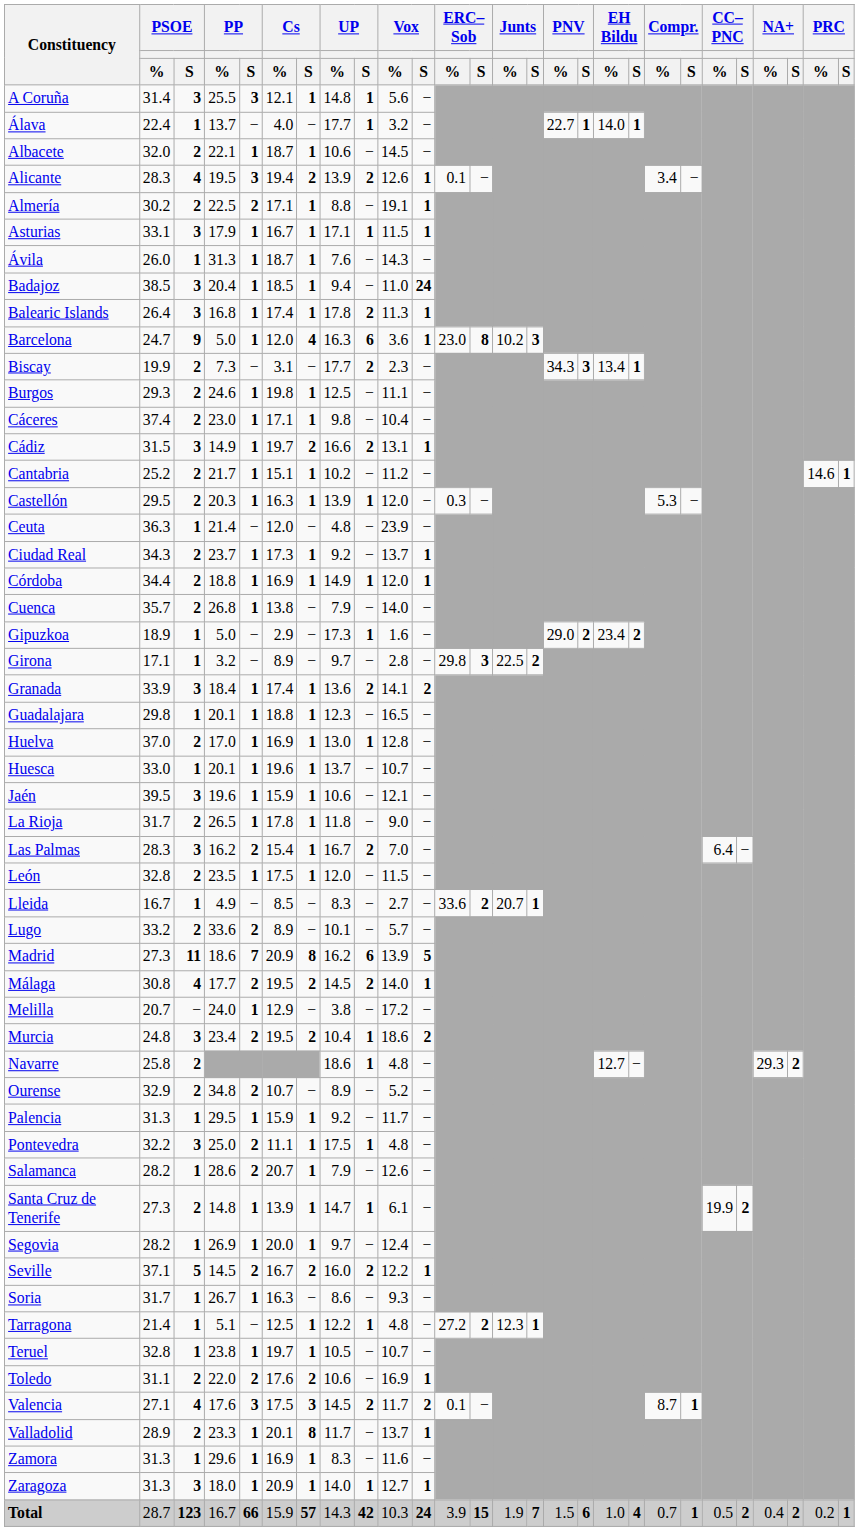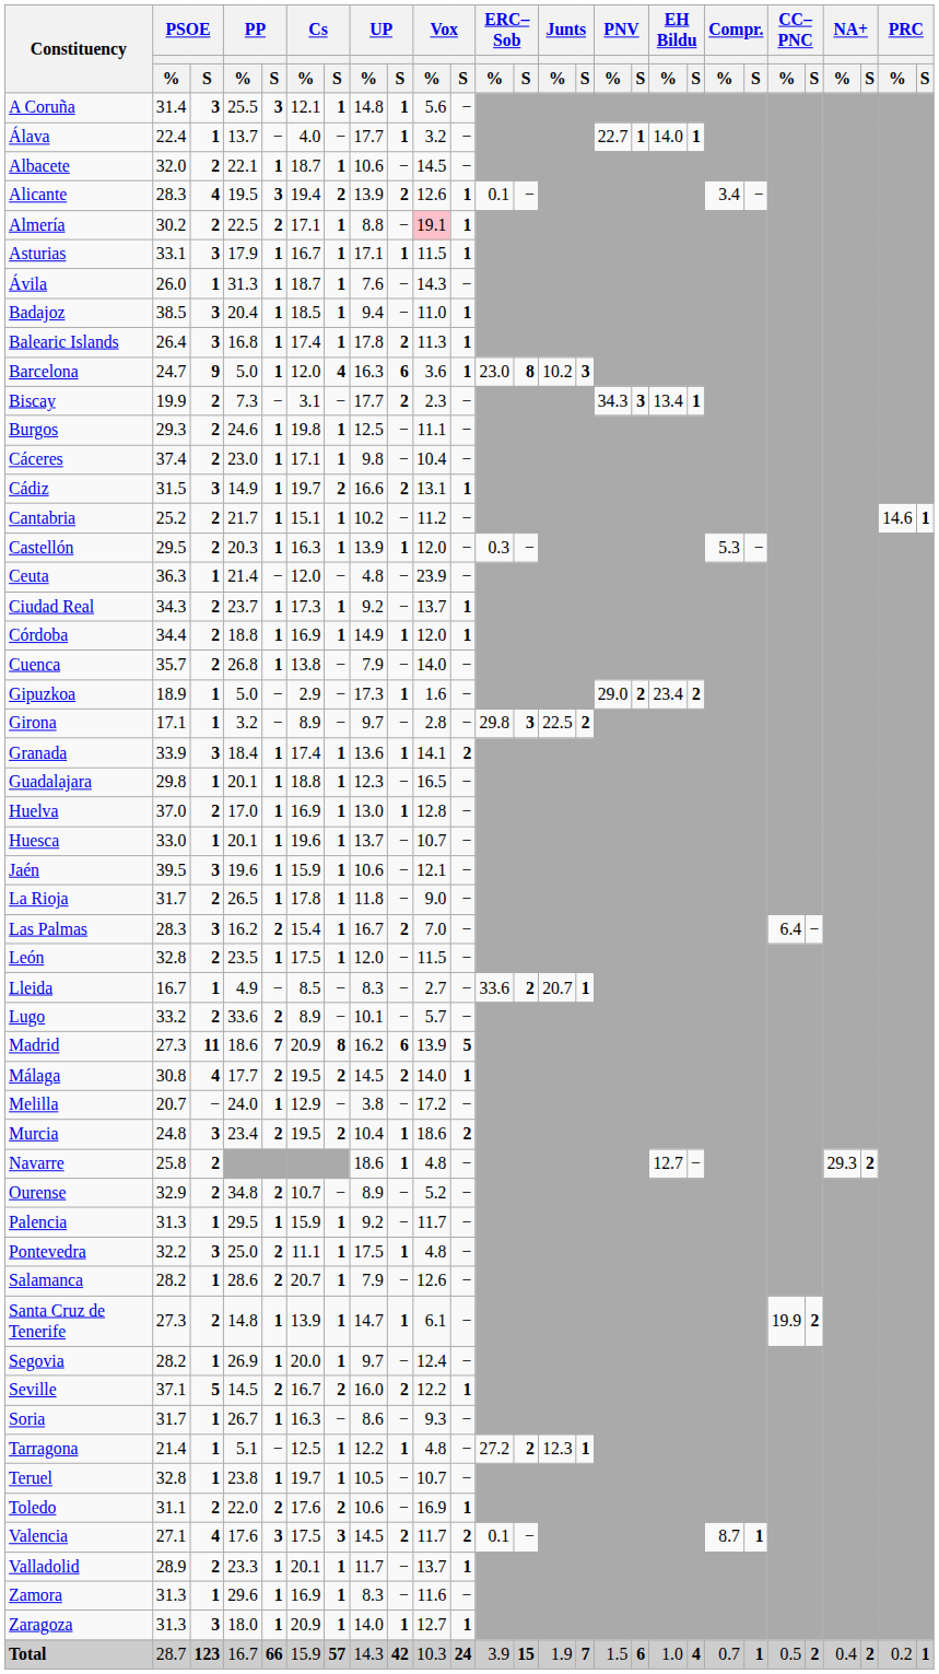 <table class="wikitable sortable" style="text-align:right; line-height:20px;">
 <tr>
 <th rowspan="3">Constituency</th>
 <th colspan="2" width="30px" class="unsortable"><a href='#'>PSOE</a></th>
 <th colspan="2" width="30px" class="unsortable"><a href='#'>PP</a></th>
 <th colspan="2" width="30px" class="unsortable"><a href='#'>Cs</a></th>
 <th colspan="2" width="30px" class="unsortable"><a href='#'>UP</a></th>
 <th colspan="2" width="30px" class="unsortable"><a href='#'>Vox</a></th>
 <th colspan="2" width="30px" class="unsortable"><a href='#'>ERC–Sob</a></th>
 <th colspan="2" width="30px" class="unsortable"><a href='#'>Junts</a></th>
 <th colspan="2" width="30px" class="unsortable"><a href='#'>PNV</a></th>
 <th colspan="2" width="30px" class="unsortable"><a href='#'>EH Bildu</a></th>
 <th colspan="2" width="30px" class="unsortable"><a href='#'>Compr.</a></th>
 <th colspan="2" width="30px" class="unsortable"><a href='#'>CC–PNC</a></th>
 <th colspan="2" width="30px" class="unsortable"><a href='#'>NA+</a></th>
 <th colspan="2" width="30px" class="unsortable"><a href='#'>PRC</a></th>
 </tr>
 <tr>
 <th colspan="2" style="background:"></th>
 <th colspan="2" style="background:"></th>
 <th colspan="2" style="background:"></th>
 <th colspan="2" style="background:"></th>
 <th colspan="2" style="background:"></th>
 <th colspan="2" style="background:"></th>
 <th colspan="2" style="background:"></th>
 <th colspan="2" style="background:"></th>
 <th colspan="2" style="background:"></th>
 <th colspan="2" style="background:"></th>
 <th colspan="2" style="background:"></th>
 <th colspan="2" style="background:"></th>
 <th colspan="2" style="background:"></th>
 </tr>
 <tr>
 <th data-sort-type="number">%</th>
 <th data-sort-type="number">S</th>
 <th data-sort-type="number">%</th>
 <th data-sort-type="number">S</th>
 <th data-sort-type="number">%</th>
 <th data-sort-type="number">S</th>
 <th data-sort-type="number">%</th>
 <th data-sort-type="number">S</th>
 <th data-sort-type="number">%</th>
 <th data-sort-type="number">S</th>
 <th data-sort-type="number">%</th>
 <th data-sort-type="number">S</th>
 <th data-sort-type="number">%</th>
 <th data-sort-type="number">S</th>
 <th data-sort-type="number">%</th>
 <th data-sort-type="number">S</th>
 <th data-sort-type="number">%</th>
 <th data-sort-type="number">S</th>
 <th data-sort-type="number">%</th>
 <th data-sort-type="number">S</th>
 <th data-sort-type="number">%</th>
 <th data-sort-type="number">S</th>
 <th data-sort-type="number">%</th>
 <th data-sort-type="number">S</th>
 <th data-sort-type="number">%</th>
 <th data-sort-type="number">S</th>
 </tr>
 <tr>
 <td align="left"><a href='#'>A Coruña</a></td>
 <td style="background:">31.4</td>
 <td><strong>3</strong></td>
 <td>25.5</td>
 <td><strong>3</strong></td>
 <td>12.1</td>
 <td><strong>1</strong></td>
 <td>14.8</td>
 <td><strong>1</strong></td>
 <td>5.6</td>
 <td>−</td>
 <td colspan="2" rowspan="3" bgcolor="#AAAAAA"></td>
 <td colspan="2" rowspan="9" bgcolor="#AAAAAA"></td>
 <td colspan="2" bgcolor="#AAAAAA"></td>
 <td colspan="2" bgcolor="#AAAAAA"></td>
 <td colspan="2" rowspan="3" bgcolor="#AAAAAA"></td>
 <td colspan="2" rowspan="28" bgcolor="#AAAAAA"></td>
 <td colspan="2" rowspan="36" bgcolor="#AAAAAA"></td>
 <td colspan="2" rowspan="14" bgcolor="#AAAAAA"></td>
 </tr>
 <tr>
 <td align="left"><a href='#'>Álava</a></td>
 <td>22.4</td>
 <td><strong>1</strong></td>
 <td>13.7</td>
 <td>−</td>
 <td>4.0</td>
 <td>−</td>
 <td>17.7</td>
 <td><strong>1</strong></td>
 <td>3.2</td>
 <td>−</td>
 <td style="background:">22.7</td>
 <td><strong>1</strong></td>
 <td>14.0</td>
 <td><strong>1</strong></td>
 </tr>
 <tr>
 <td align="left"><a href='#'>Albacete</a></td>
 <td style="background:">32.0</td>
 <td><strong>2</strong></td>
 <td>22.1</td>
 <td><strong>1</strong></td>
 <td>18.7</td>
 <td><strong>1</strong></td>
 <td>10.6</td>
 <td>−</td>
 <td>14.5</td>
 <td>−</td>
 <td colspan="2" rowspan="8" bgcolor="#AAAAAA"></td>
 <td colspan="2" rowspan="8" bgcolor="#AAAAAA"></td>
 </tr>
 <tr>
 <td align="left"><a href='#'>Alicante</a></td>
 <td style="background:">28.3</td>
 <td><strong>4</strong></td>
 <td>19.5</td>
 <td><strong>3</strong></td>
 <td>19.4</td>
 <td><strong>2</strong></td>
 <td>13.9</td>
 <td><strong>2</strong></td>
 <td>12.6</td>
 <td><strong>1</strong></td>
 <td>0.1</td>
 <td>−</td>
 <td>3.4</td>
 <td>−</td>
 </tr>
 <tr>
 <td align="left"><a href='#'>Almería</a></td>
 <td style="background:">30.2</td>
 <td><strong>2</strong></td>
 <td>22.5</td>
 <td><strong>2</strong></td>
 <td>17.1</td>
 <td><strong>1</strong></td>
 <td>8.8</td>
 <td>−</td>
-<td>19.1</td>
+<td style="background: pink;">19.1</td>
 <td><strong>1</strong></td>
 <td colspan="2" rowspan="5" bgcolor="#AAAAAA"></td>
 <td colspan="2" rowspan="11" bgcolor="#AAAAAA"></td>
 </tr>
 <tr>
 <td align="left"><a href='#'>Asturias</a></td>
 <td style="background:">33.1</td>
 <td><strong>3</strong></td>
 <td>17.9</td>
 <td><strong>1</strong></td>
 <td>16.7</td>
 <td><strong>1</strong></td>
 <td>17.1</td>
 <td><strong>1</strong></td>
 <td>11.5</td>
 <td><strong>1</strong></td>
 </tr>
 <tr>
 <td align="left"><a href='#'>Ávila</a></td>
 <td>26.0</td>
 <td><strong>1</strong></td>
 <td style="background:">31.3</td>
 <td><strong>1</strong></td>
 <td>18.7</td>
 <td><strong>1</strong></td>
 <td>7.6</td>
 <td>−</td>
 <td>14.3</td>
 <td>−</td>
 </tr>
 <tr>
 <td align="left"><a href='#'>Badajoz</a></td>
 <td style="background:">38.5</td>
 <td><strong>3</strong></td>
 <td>20.4</td>
 <td><strong>1</strong></td>
 <td>18.5</td>
 <td><strong>1</strong></td>
 <td>9.4</td>
 <td>−</td>
 <td>11.0</td>
-<td><strong>24</strong></td>
+<td><strong>1</strong></td>
 </tr>
 <tr>
 <td align="left"><a href='#'>Balearic Islands</a></td>
 <td style="background:">26.4</td>
 <td><strong>3</strong></td>
 <td>16.8</td>
 <td><strong>1</strong></td>
 <td>17.4</td>
 <td><strong>1</strong></td>
 <td>17.8</td>
 <td><strong>2</strong></td>
 <td>11.3</td>
 <td><strong>1</strong></td>
 </tr>
 <tr>
 <td align="left"><a href='#'>Barcelona</a></td>
 <td style="background:">24.7</td>
 <td><strong>9</strong></td>
 <td>5.0</td>
 <td><strong>1</strong></td>
 <td>12.0</td>
 <td><strong>4</strong></td>
 <td>16.3</td>
 <td><strong>6</strong></td>
 <td>3.6</td>
 <td><strong>1</strong></td>
 <td>23.0</td>
 <td><strong>8</strong></td>
 <td>10.2</td>
 <td><strong>3</strong></td>
 </tr>
 <tr>
 <td align="left"><a href='#'>Biscay</a></td>
 <td>19.9</td>
 <td><strong>2</strong></td>
 <td>7.3</td>
 <td>−</td>
 <td>3.1</td>
 <td>−</td>
 <td>17.7</td>
 <td><strong>2</strong></td>
 <td>2.3</td>
 <td>−</td>
 <td colspan="2" rowspan="5" bgcolor="#AAAAAA"></td>
 <td colspan="2" rowspan="11" bgcolor="#AAAAAA"></td>
 <td style="background:">34.3</td>
 <td><strong>3</strong></td>
 <td>13.4</td>
 <td><strong>1</strong></td>
 </tr>
 <tr>
 <td align="left"><a href='#'>Burgos</a></td>
 <td style="background:">29.3</td>
 <td><strong>2</strong></td>
 <td>24.6</td>
 <td><strong>1</strong></td>
 <td>19.8</td>
 <td><strong>1</strong></td>
 <td>12.5</td>
 <td>−</td>
 <td>11.1</td>
 <td>−</td>
 <td colspan="2" rowspan="9" bgcolor="#AAAAAA"></td>
 <td colspan="2" rowspan="9" bgcolor="#AAAAAA"></td>
 </tr>
 <tr>
 <td align="left"><a href='#'>Cáceres</a></td>
 <td style="background:">37.4</td>
 <td><strong>2</strong></td>
 <td>23.0</td>
 <td><strong>1</strong></td>
 <td>17.1</td>
 <td><strong>1</strong></td>
 <td>9.8</td>
 <td>−</td>
 <td>10.4</td>
 <td>−</td>
 </tr>
 <tr>
 <td align="left"><a href='#'>Cádiz</a></td>
 <td style="background:">31.5</td>
 <td><strong>3</strong></td>
 <td>14.9</td>
 <td><strong>1</strong></td>
 <td>19.7</td>
 <td><strong>2</strong></td>
 <td>16.6</td>
 <td><strong>2</strong></td>
 <td>13.1</td>
 <td><strong>1</strong></td>
 </tr>
 <tr>
 <td align="left"><a href='#'>Cantabria</a></td>
 <td style="background:">25.2</td>
 <td><strong>2</strong></td>
 <td>21.7</td>
 <td><strong>1</strong></td>
 <td>15.1</td>
 <td><strong>1</strong></td>
 <td>10.2</td>
 <td>−</td>
 <td>11.2</td>
 <td>−</td>
 <td>14.6</td>
 <td><strong>1</strong></td>
 </tr>
 <tr>
 <td align="left"><a href='#'>Castellón</a></td>
 <td style="background:">29.5</td>
 <td><strong>2</strong></td>
 <td>20.3</td>
 <td><strong>1</strong></td>
 <td>16.3</td>
 <td><strong>1</strong></td>
 <td>13.9</td>
 <td><strong>1</strong></td>
 <td>12.0</td>
 <td>−</td>
 <td>0.3</td>
 <td>−</td>
 <td>5.3</td>
 <td>−</td>
 <td colspan="2" rowspan="37" bgcolor="#AAAAAA"></td>
 </tr>
 <tr>
 <td align="left"><a href='#'>Ceuta</a></td>
 <td style="background:">36.3</td>
 <td><strong>1</strong></td>
 <td>21.4</td>
 <td>−</td>
 <td>12.0</td>
 <td>−</td>
 <td>4.8</td>
 <td>−</td>
 <td>23.9</td>
 <td>−</td>
 <td colspan="2" rowspan="5" bgcolor="#AAAAAA"></td>
 <td colspan="2" rowspan="32" bgcolor="#AAAAAA"></td>
 </tr>
 <tr>
 <td align="left"><a href='#'>Ciudad Real</a></td>
 <td style="background:">34.3</td>
 <td><strong>2</strong></td>
 <td>23.7</td>
 <td><strong>1</strong></td>
 <td>17.3</td>
 <td><strong>1</strong></td>
 <td>9.2</td>
 <td>−</td>
 <td>13.7</td>
 <td><strong>1</strong></td>
 </tr>
 <tr>
 <td align="left"><a href='#'>Córdoba</a></td>
 <td style="background:">34.4</td>
 <td><strong>2</strong></td>
 <td>18.8</td>
 <td><strong>1</strong></td>
 <td>16.9</td>
 <td><strong>1</strong></td>
 <td>14.9</td>
 <td><strong>1</strong></td>
 <td>12.0</td>
 <td><strong>1</strong></td>
 </tr>
 <tr>
 <td align="left"><a href='#'>Cuenca</a></td>
 <td style="background:">35.7</td>
 <td><strong>2</strong></td>
 <td>26.8</td>
 <td><strong>1</strong></td>
 <td>13.8</td>
 <td>−</td>
 <td>7.9</td>
 <td>−</td>
 <td>14.0</td>
 <td>−</td>
 </tr>
 <tr>
 <td align="left"><a href='#'>Gipuzkoa</a></td>
 <td>18.9</td>
 <td><strong>1</strong></td>
 <td>5.0</td>
 <td>−</td>
 <td>2.9</td>
 <td>−</td>
 <td>17.3</td>
 <td><strong>1</strong></td>
 <td>1.6</td>
 <td>−</td>
 <td style="background:">29.0</td>
 <td><strong>2</strong></td>
 <td>23.4</td>
 <td><strong>2</strong></td>
 </tr>
 <tr>
 <td align="left"><a href='#'>Girona</a></td>
 <td>17.1</td>
 <td><strong>1</strong></td>
 <td>3.2</td>
 <td>−</td>
 <td>8.9</td>
 <td>−</td>
 <td>9.7</td>
 <td>−</td>
 <td>2.8</td>
 <td>−</td>
 <td style="background:">29.8</td>
 <td><strong>3</strong></td>
 <td>22.5</td>
 <td><strong>2</strong></td>
 <td colspan="2" rowspan="31" bgcolor="#AAAAAA"></td>
 <td colspan="2" rowspan="15" bgcolor="#AAAAAA"></td>
 </tr>
 <tr>
 <td align="left"><a href='#'>Granada</a></td>
 <td style="background:">33.9</td>
 <td><strong>3</strong></td>
 <td>18.4</td>
 <td><strong>1</strong></td>
 <td>17.4</td>
 <td><strong>1</strong></td>
 <td>13.6</td>
-<td><strong>2</strong></td>
+<td><strong>1</strong></td>
 <td>14.1</td>
 <td><strong>2</strong></td>
 <td colspan="2" rowspan="8" bgcolor="#AAAAAA"></td>
 <td colspan="2" rowspan="8" bgcolor="#AAAAAA"></td>
 </tr>
 <tr>
 <td align="left"><a href='#'>Guadalajara</a></td>
 <td style="background:">29.8</td>
 <td><strong>1</strong></td>
 <td>20.1</td>
 <td><strong>1</strong></td>
 <td>18.8</td>
 <td><strong>1</strong></td>
 <td>12.3</td>
 <td>−</td>
 <td>16.5</td>
 <td>−</td>
 </tr>
 <tr>
 <td align="left"><a href='#'>Huelva</a></td>
 <td style="background:">37.0</td>
 <td><strong>2</strong></td>
 <td>17.0</td>
 <td><strong>1</strong></td>
 <td>16.9</td>
 <td><strong>1</strong></td>
 <td>13.0</td>
 <td><strong>1</strong></td>
 <td>12.8</td>
 <td>−</td>
 </tr>
 <tr>
 <td align="left"><a href='#'>Huesca</a></td>
 <td style="background:">33.0</td>
 <td><strong>1</strong></td>
 <td>20.1</td>
 <td><strong>1</strong></td>
 <td>19.6</td>
 <td><strong>1</strong></td>
 <td>13.7</td>
 <td>−</td>
 <td>10.7</td>
 <td>−</td>
 </tr>
 <tr>
 <td align="left"><a href='#'>Jaén</a></td>
 <td style="background:">39.5</td>
 <td><strong>3</strong></td>
 <td>19.6</td>
 <td><strong>1</strong></td>
 <td>15.9</td>
 <td><strong>1</strong></td>
 <td>10.6</td>
 <td>−</td>
 <td>12.1</td>
 <td>−</td>
 </tr>
 <tr>
 <td align="left"><a href='#'>La Rioja</a></td>
 <td style="background:">31.7</td>
 <td><strong>2</strong></td>
 <td>26.5</td>
 <td><strong>1</strong></td>
 <td>17.8</td>
 <td><strong>1</strong></td>
 <td>11.8</td>
 <td>−</td>
 <td>9.0</td>
 <td>−</td>
 </tr>
 <tr>
 <td align="left"><a href='#'>Las Palmas</a></td>
 <td style="background:">28.3</td>
 <td><strong>3</strong></td>
 <td>16.2</td>
 <td><strong>2</strong></td>
 <td>15.4</td>
 <td><strong>1</strong></td>
 <td>16.7</td>
 <td><strong>2</strong></td>
 <td>7.0</td>
 <td>−</td>
 <td>6.4</td>
 <td>−</td>
 </tr>
 <tr>
 <td align="left"><a href='#'>León</a></td>
 <td style="background:">32.8</td>
 <td><strong>2</strong></td>
 <td>23.5</td>
 <td><strong>1</strong></td>
 <td>17.5</td>
 <td><strong>1</strong></td>
 <td>12.0</td>
 <td>−</td>
 <td>11.5</td>
 <td>−</td>
 <td colspan="2" rowspan="12" bgcolor="#AAAAAA"></td>
 </tr>
 <tr>
 <td align="left"><a href='#'>Lleida</a></td>
 <td>16.7</td>
 <td><strong>1</strong></td>
 <td>4.9</td>
 <td>−</td>
 <td>8.5</td>
 <td>−</td>
 <td>8.3</td>
 <td>−</td>
 <td>2.7</td>
 <td>−</td>
 <td style="background:">33.6</td>
 <td><strong>2</strong></td>
 <td>20.7</td>
 <td><strong>1</strong></td>
 </tr>
 <tr>
 <td align="left"><a href='#'>Lugo</a></td>
 <td>33.2</td>
 <td><strong>2</strong></td>
 <td style="background:">33.6</td>
 <td><strong>2</strong></td>
 <td>8.9</td>
 <td>−</td>
 <td>10.1</td>
 <td>−</td>
 <td>5.7</td>
 <td>−</td>
 <td colspan="2" rowspan="14" bgcolor="#AAAAAA"></td>
 <td colspan="2" rowspan="14" bgcolor="#AAAAAA"></td>
 </tr>
 <tr>
 <td align="left"><a href='#'>Madrid</a></td>
 <td style="background:">27.3</td>
 <td><strong>11</strong></td>
 <td>18.6</td>
 <td><strong>7</strong></td>
 <td>20.9</td>
 <td><strong>8</strong></td>
 <td>16.2</td>
 <td><strong>6</strong></td>
 <td>13.9</td>
 <td><strong>5</strong></td>
 </tr>
 <tr>
 <td align="left"><a href='#'>Málaga</a></td>
 <td style="background:">30.8</td>
 <td><strong>4</strong></td>
 <td>17.7</td>
 <td><strong>2</strong></td>
 <td>19.5</td>
 <td><strong>2</strong></td>
 <td>14.5</td>
 <td><strong>2</strong></td>
 <td>14.0</td>
 <td><strong>1</strong></td>
 </tr>
 <tr>
 <td align="left"><a href='#'>Melilla</a></td>
 <td>20.7</td>
 <td>−</td>
 <td style="background:">24.0</td>
 <td><strong>1</strong></td>
 <td>12.9</td>
 <td>−</td>
 <td>3.8</td>
 <td>−</td>
 <td>17.2</td>
 <td>−</td>
 </tr>
 <tr>
 <td align="left"><a href='#'>Murcia</a></td>
 <td style="background:">24.8</td>
 <td><strong>3</strong></td>
 <td>23.4</td>
 <td><strong>2</strong></td>
 <td>19.5</td>
 <td><strong>2</strong></td>
 <td>10.4</td>
 <td><strong>1</strong></td>
 <td>18.6</td>
 <td><strong>2</strong></td>
 </tr>
 <tr>
 <td align="left"><a href='#'>Navarre</a></td>
 <td>25.8</td>
 <td><strong>2</strong></td>
 <td colspan="2" bgcolor="#AAAAAA"></td>
 <td colspan="2" bgcolor="#AAAAAA"></td>
 <td>18.6</td>
 <td><strong>1</strong></td>
 <td>4.8</td>
 <td>−</td>
 <td>12.7</td>
 <td>−</td>
 <td style="background:">29.3</td>
 <td><strong>2</strong></td>
 </tr>
 <tr>
 <td align="left"><a href='#'>Ourense</a></td>
 <td>32.9</td>
 <td><strong>2</strong></td>
 <td style="background:">34.8</td>
 <td><strong>2</strong></td>
 <td>10.7</td>
 <td>−</td>
 <td>8.9</td>
 <td>−</td>
 <td>5.2</td>
 <td>−</td>
 <td colspan="2" rowspan="15" bgcolor="#AAAAAA"></td>
 <td colspan="2" rowspan="15" bgcolor="#AAAAAA"></td>
 </tr>
 <tr>
 <td align="left"><a href='#'>Palencia</a></td>
 <td style="background:">31.3</td>
 <td><strong>1</strong></td>
 <td>29.5</td>
 <td><strong>1</strong></td>
 <td>15.9</td>
 <td><strong>1</strong></td>
 <td>9.2</td>
 <td>−</td>
 <td>11.7</td>
 <td>−</td>
 </tr>
 <tr>
 <td align="left"><a href='#'>Pontevedra</a></td>
 <td style="background:">32.2</td>
 <td><strong>3</strong></td>
 <td>25.0</td>
 <td><strong>2</strong></td>
 <td>11.1</td>
 <td><strong>1</strong></td>
 <td>17.5</td>
 <td><strong>1</strong></td>
 <td>4.8</td>
 <td>−</td>
 </tr>
 <tr>
 <td align="left"><a href='#'>Salamanca</a></td>
 <td>28.2</td>
 <td><strong>1</strong></td>
 <td style="background:">28.6</td>
 <td><strong>2</strong></td>
 <td>20.7</td>
 <td><strong>1</strong></td>
 <td>7.9</td>
 <td>−</td>
 <td>12.6</td>
 <td>−</td>
 </tr>
 <tr>
 <td align="left"><a href='#'>Santa Cruz de Tenerife</a></td>
 <td style="background:">27.3</td>
 <td><strong>2</strong></td>
 <td>14.8</td>
 <td><strong>1</strong></td>
 <td>13.9</td>
 <td><strong>1</strong></td>
 <td>14.7</td>
 <td><strong>1</strong></td>
 <td>6.1</td>
 <td>−</td>
 <td>19.9</td>
 <td><strong>2</strong></td>
 </tr>
 <tr>
 <td align="left"><a href='#'>Segovia</a></td>
 <td style="background:">28.2</td>
 <td><strong>1</strong></td>
 <td>26.9</td>
 <td><strong>1</strong></td>
 <td>20.0</td>
 <td><strong>1</strong></td>
 <td>9.7</td>
 <td>−</td>
 <td>12.4</td>
 <td>−</td>
 <td colspan="2" rowspan="10" bgcolor="#AAAAAA"></td>
 </tr>
 <tr>
 <td align="left"><a href='#'>Seville</a></td>
 <td style="background:">37.1</td>
 <td><strong>5</strong></td>
 <td>14.5</td>
 <td><strong>2</strong></td>
 <td>16.7</td>
 <td><strong>2</strong></td>
 <td>16.0</td>
 <td><strong>2</strong></td>
 <td>12.2</td>
 <td><strong>1</strong></td>
 </tr>
 <tr>
 <td align="left"><a href='#'>Soria</a></td>
 <td style="background:">31.7</td>
 <td><strong>1</strong></td>
 <td>26.7</td>
 <td><strong>1</strong></td>
 <td>16.3</td>
 <td>−</td>
 <td>8.6</td>
 <td>−</td>
 <td>9.3</td>
 <td>−</td>
 </tr>
 <tr>
 <td align="left"><a href='#'>Tarragona</a></td>
 <td>21.4</td>
 <td><strong>1</strong></td>
 <td>5.1</td>
 <td>−</td>
 <td>12.5</td>
 <td><strong>1</strong></td>
 <td>12.2</td>
 <td><strong>1</strong></td>
 <td>4.8</td>
 <td>−</td>
 <td style="background:">27.2</td>
 <td><strong>2</strong></td>
 <td>12.3</td>
 <td><strong>1</strong></td>
 </tr>
 <tr>
 <td align="left"><a href='#'>Teruel</a></td>
 <td style="background:">32.8</td>
 <td><strong>1</strong></td>
 <td>23.8</td>
 <td><strong>1</strong></td>
 <td>19.7</td>
 <td><strong>1</strong></td>
 <td>10.5</td>
 <td>−</td>
 <td>10.7</td>
 <td>−</td>
 <td colspan="2" rowspan="2" bgcolor="#AAAAAA"></td>
 <td colspan="2" rowspan="6" bgcolor="#AAAAAA"></td>
 </tr>
 <tr>
 <td align="left"><a href='#'>Toledo</a></td>
 <td style="background:">31.1</td>
 <td><strong>2</strong></td>
 <td>22.0</td>
 <td><strong>2</strong></td>
 <td>17.6</td>
 <td><strong>2</strong></td>
 <td>10.6</td>
 <td>−</td>
 <td>16.9</td>
 <td><strong>1</strong></td>
 </tr>
 <tr>
 <td align="left"><a href='#'>Valencia</a></td>
 <td style="background:">27.1</td>
 <td><strong>4</strong></td>
 <td>17.6</td>
 <td><strong>3</strong></td>
 <td>17.5</td>
 <td><strong>3</strong></td>
 <td>14.5</td>
 <td><strong>2</strong></td>
 <td>11.7</td>
 <td><strong>2</strong></td>
 <td>0.1</td>
 <td>−</td>
 <td>8.7</td>
 <td><strong>1</strong></td>
 </tr>
 <tr>
 <td align="left"><a href='#'>Valladolid</a></td>
 <td style="background:">28.9</td>
 <td><strong>2</strong></td>
 <td>23.3</td>
 <td><strong>1</strong></td>
 <td>20.1</td>
-<td><strong>8</strong></td>
+<td><strong>1</strong></td>
 <td>11.7</td>
 <td>−</td>
 <td>13.7</td>
 <td><strong>1</strong></td>
 <td colspan="2" rowspan="3" bgcolor="#AAAAAA"></td>
 <td colspan="2" rowspan="3" bgcolor="#AAAAAA"></td>
 </tr>
 <tr>
 <td align="left"><a href='#'>Zamora</a></td>
 <td style="background:">31.3</td>
 <td><strong>1</strong></td>
 <td>29.6</td>
 <td><strong>1</strong></td>
 <td>16.9</td>
 <td><strong>1</strong></td>
 <td>8.3</td>
 <td>−</td>
 <td>11.6</td>
 <td>−</td>
 </tr>
 <tr>
 <td align="left"><a href='#'>Zaragoza</a></td>
 <td style="background:">31.3</td>
 <td><strong>3</strong></td>
 <td>18.0</td>
 <td><strong>1</strong></td>
 <td>20.9</td>
 <td><strong>1</strong></td>
 <td>14.0</td>
 <td><strong>1</strong></td>
 <td>12.7</td>
 <td><strong>1</strong></td>
 </tr>
 <tr style="background:#CDCDCD;">
 <td align="left"><strong>Total</strong></td>
 <td style="background:">28.7</td>
 <td><strong>123</strong></td>
 <td>16.7</td>
 <td><strong>66</strong></td>
 <td>15.9</td>
 <td><strong>57</strong></td>
 <td>14.3</td>
 <td><strong>42</strong></td>
 <td>10.3</td>
 <td><strong>24</strong></td>
 <td>3.9</td>
 <td><strong>15</strong></td>
 <td>1.9</td>
 <td><strong>7</strong></td>
 <td>1.5</td>
 <td><strong>6</strong></td>
 <td>1.0</td>
 <td><strong>4</strong></td>
 <td>0.7</td>
 <td><strong>1</strong></td>
 <td>0.5</td>
 <td><strong>2</strong></td>
 <td>0.4</td>
 <td><strong>2</strong></td>
 <td>0.2</td>
 <td><strong>1</strong></td>
 </tr>
 </table>
